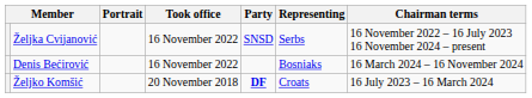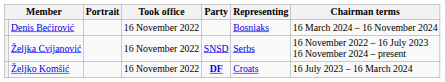 <table class="wikitable">
 <tr>
 <th colspan=2>Member</th>
 <th>Portrait</th>
 <th>Took office</th>
 <th>Party</th>
 <th>Representing</th>
 <th>Chairman terms</th>
+</tr>
+<tr>
+<th style="background-color:"></th>
+<td><a href='#'>Denis Bećirović</a></td>
+<td></td>
+<td style="text-align:center;">16 November 2022 <br> </td>
+<td style="text-align:center;"></td>
+<td><a href='#'>Bosniaks</a></td>
+<td>16 March 2024 – 16 November 2024</td>
 </tr>
 <tr>
 <th style="background-color:"></th>
 <td><a href='#'>Željka Cvijanović</a></td>
 <td></td>
 <td style="text-align:center;">16 November 2022 <br> </td>
 <td style="text-align:center;"><a href='#'>SNSD</a></td>
 <td><a href='#'>Serbs</a></td>
 <td>16 November 2022 – 16 July 2023 <br> 16 November 2024 – present</td>
 </tr>
 <tr>
 <th style="background-color:"></th>
-<td><a href='#'>Denis Bećirović</a></td>
+<td><a href='#'>Željko Komšić</a></td>
 <td></td>
 <td style="text-align:center;">16 November 2022 <br> </td>
-<td style="text-align:center;"></td>
-<td><a href='#'>Bosniaks</a></td>
-<td>16 March 2024 – 16 November 2024</td>
-</tr>
-<tr>
-<th style="background-color:"></th>
-<td><a href='#'>Željko Komšić</a></td>
-<td></td>
-<td style="text-align:center;">20 November 2018 <br> </td>
 <td style="text-align:center;"><strong><a href='#'>DF</a></strong></td>
 <td><a href='#'>Croats</a></td>
 <td>16 July 2023 – 16 March 2024</td>
 </tr>
 </table>
